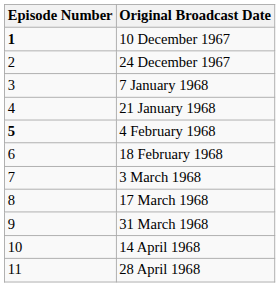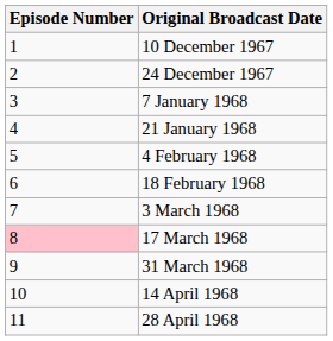 <table class="wikitable">
 <tr>
 <th>Episode Number</th>
 <th>Original Broadcast Date</th>
 </tr>
 <tr>
-<td><strong>1</strong></td>
+<td>1</td>
 <td>10 December 1967</td>
 </tr>
 <tr>
 <td>2</td>
 <td>24 December 1967</td>
 </tr>
 <tr>
 <td>3</td>
 <td>7 January 1968</td>
 </tr>
 <tr>
 <td>4</td>
 <td>21 January 1968</td>
 </tr>
 <tr>
-<td><strong>5</strong></td>
+<td>5</td>
 <td>4 February 1968</td>
 </tr>
 <tr>
 <td>6</td>
 <td>18 February 1968</td>
 </tr>
 <tr>
 <td>7</td>
 <td>3 March 1968</td>
 </tr>
 <tr>
-<td>8</td>
+<td style="background: pink;">8</td>
 <td>17 March 1968</td>
 </tr>
 <tr>
 <td>9</td>
 <td>31 March 1968</td>
 </tr>
 <tr>
 <td>10</td>
 <td>14 April 1968</td>
 </tr>
 <tr>
 <td>11</td>
 <td>28 April 1968</td>
 </tr>
 </table>
